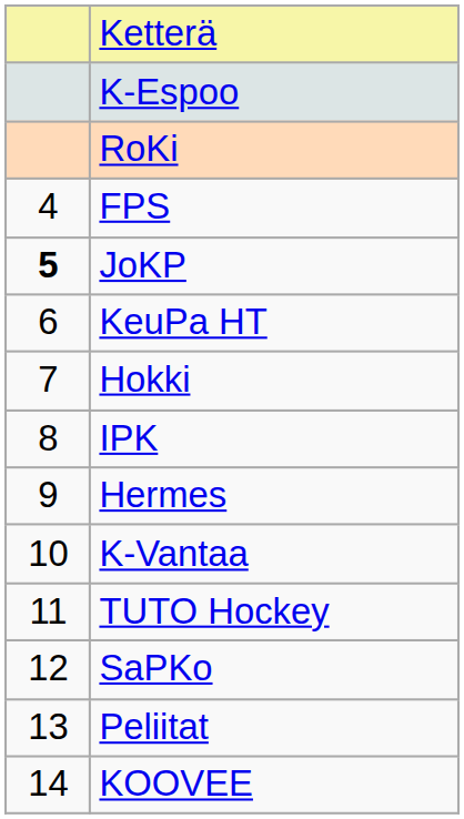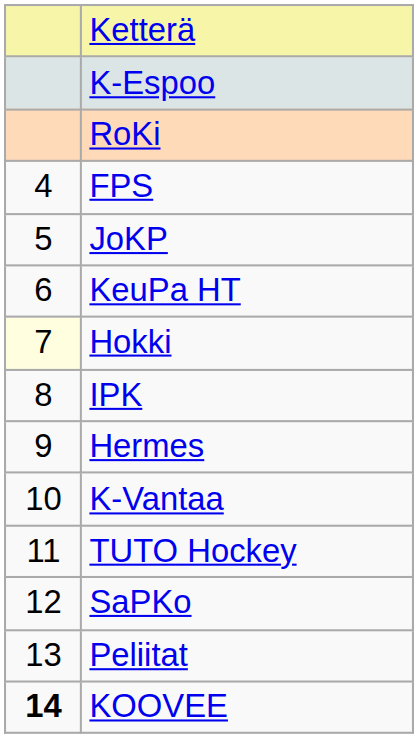 <table class="wikitable" style="width:200px;">
 <tr style="background:#F7F6A8;">
 <td align=center></td>
 <td><a href='#'>Ketterä</a></td>
 </tr>
 <tr style="background:#DCE5E5;">
 <td align=center></td>
 <td><a href='#'>K-Espoo</a></td>
 </tr>
 <tr style="background:#FFDAB9;">
 <td align=center></td>
 <td><a href='#'>RoKi</a></td>
 </tr>
 <tr>
 <td align=center>4</td>
 <td><a href='#'>FPS</a></td>
 </tr>
 <tr>
-<td align=center><strong>5</strong></td>
+<td align=center>5</td>
 <td><a href='#'>JoKP</a></td>
 </tr>
 <tr>
 <td align=center>6</td>
 <td><a href='#'>KeuPa HT</a></td>
 </tr>
 <tr>
-<td align=center>7</td>
+<td align=center style="background: lightyellow;">7</td>
 <td><a href='#'>Hokki</a></td>
 </tr>
 <tr>
 <td align=center>8</td>
 <td><a href='#'>IPK</a></td>
 </tr>
 <tr>
 <td align=center>9</td>
 <td><a href='#'>Hermes</a></td>
 </tr>
 <tr>
 <td align=center>10</td>
 <td><a href='#'>K-Vantaa</a></td>
 </tr>
 <tr>
 <td align=center>11</td>
 <td><a href='#'>TUTO Hockey</a></td>
 </tr>
 <tr>
 <td align=center>12</td>
 <td><a href='#'>SaPKo</a></td>
 </tr>
 <tr>
 <td align=center>13</td>
 <td><a href='#'>Peliitat</a></td>
 </tr>
 <tr>
-<td align=center>14</td>
+<td align=center><strong>14</strong></td>
 <td><a href='#'>KOOVEE</a></td>
 </tr>
 </table>
